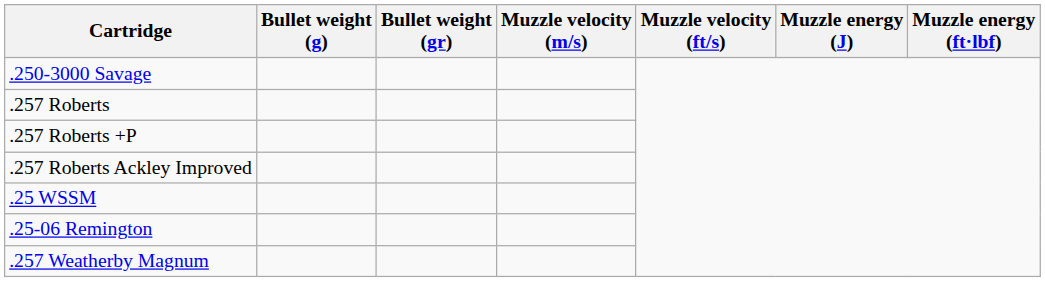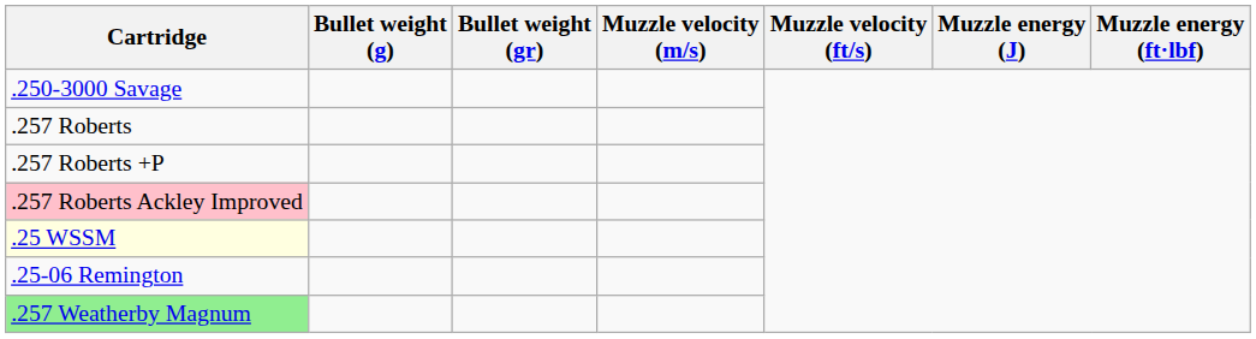 <table class="wikitable sortable">
 <tr>
 <th>Cartridge</th>
 <th>Bullet weight <br>(<a href='#'>g</a>)</th>
 <th>Bullet weight <br>(<a href='#'>gr</a>)</th>
 <th>Muzzle velocity <br>(<a href='#'>m/s</a>)</th>
 <th>Muzzle velocity <br>(<a href='#'>ft/s</a>)</th>
 <th>Muzzle energy <br>(<a href='#'>J</a>)</th>
 <th>Muzzle energy <br>(<a href='#'>ft·lbf</a>)</th>
 </tr>
 <tr>
 <td><a href='#'>.250-3000 Savage</a></td>
 <td></td>
 <td></td>
 <td></td>
 </tr>
 <tr>
 <td>.257 Roberts </td>
 <td></td>
 <td></td>
 <td></td>
 </tr>
 <tr>
 <td>.257 Roberts +P </td>
 <td></td>
 <td></td>
 <td></td>
 </tr>
 <tr>
-<td>.257 Roberts Ackley Improved </td>
+<td style="background: pink;">.257 Roberts Ackley Improved </td>
 <td></td>
 <td></td>
 <td></td>
 </tr>
 <tr>
-<td><a href='#'>.25 WSSM</a></td>
+<td style="background: lightyellow;"><a href='#'>.25 WSSM</a></td>
 <td></td>
 <td></td>
 <td></td>
 </tr>
 <tr>
 <td><a href='#'>.25-06 Remington</a></td>
 <td></td>
 <td></td>
 <td></td>
 </tr>
 <tr>
-<td><a href='#'>.257 Weatherby Magnum</a></td>
+<td style="background: lightgreen;"><a href='#'>.257 Weatherby Magnum</a></td>
 <td></td>
 <td></td>
 <td></td>
 </tr>
 </table>
